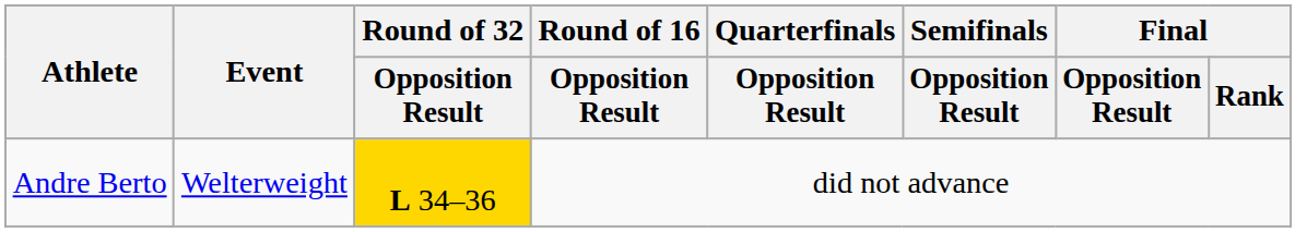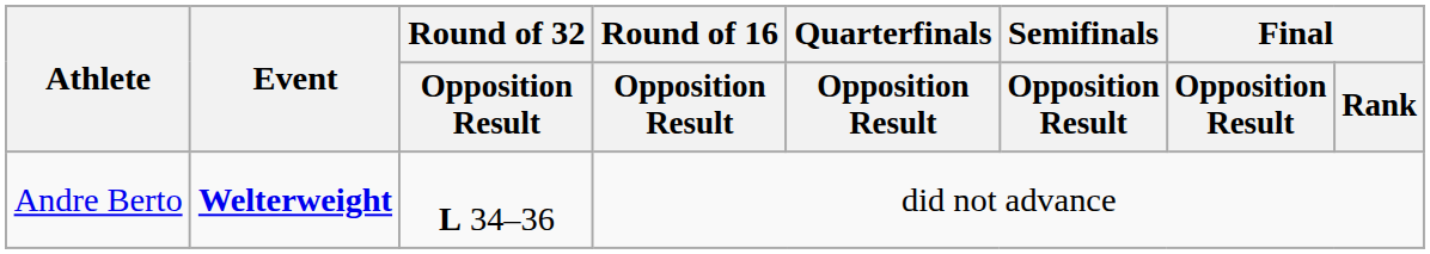 <table class="wikitable" style="font-size:90%">
 <tr>
 <th rowspan="2">Athlete</th>
 <th rowspan="2">Event</th>
 <th>Round of 32</th>
 <th>Round of 16</th>
 <th>Quarterfinals</th>
 <th>Semifinals</th>
 <th colspan=2>Final</th>
 </tr>
 <tr style="font-size:95%">
 <th>Opposition<br>Result</th>
 <th>Opposition<br>Result</th>
 <th>Opposition<br>Result</th>
 <th>Opposition<br>Result</th>
 <th>Opposition<br>Result</th>
 <th>Rank</th>
 </tr>
 <tr align=center>
 <td align=left><a href='#'>Andre Berto</a></td>
-<td align=left><a href='#'>Welterweight</a></td>
-<td style="background: gold;"><br><strong>L</strong> 34–36</td>
+<td align=left><strong><a href='#'>Welterweight</a></strong></td>
+<td><br><strong>L</strong> 34–36</td>
 <td colspan=5>did not advance</td>
 </tr>
 </table>
